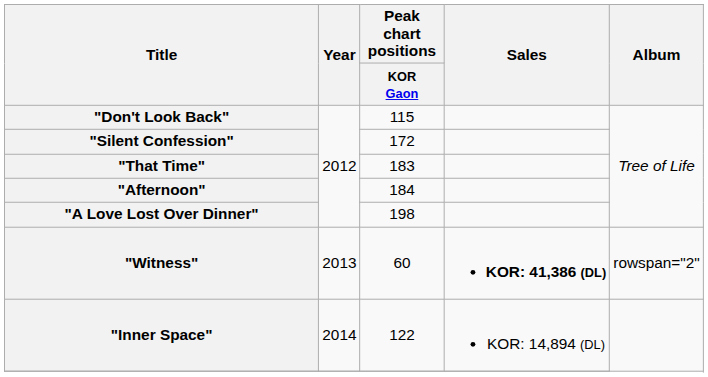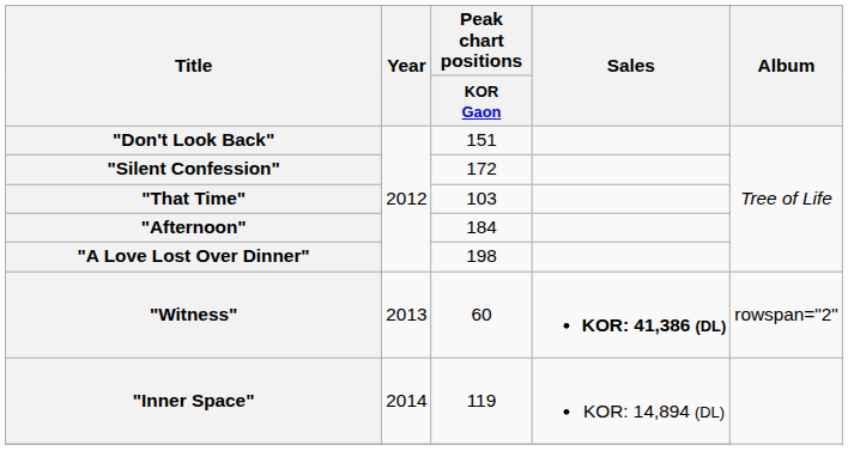 <table class="wikitable plainrowheaders" style="text-align:center;">
 <tr>
 <th scope="col" rowspan="2 "style="width:20em;">Title</th>
 <th scope="col" rowspan="2">Year</th>
 <th colspan="1" scope="col" style="width:5em;">Peak chart positions</th>
 <th scope="col" rowspan="2">Sales</th>
 <th scope="col" rowspan="2">Album</th>
 </tr>
 <tr>
 <th><small>KOR<br><a href='#'>Gaon</a><br></small></th>
 </tr>
 <tr>
 <th scope="row">"Don't Look Back"</th>
 <td rowspan="5">2012</td>
-<td>115</td>
+<td>151</td>
 <td></td>
 <td rowspan="5"><em>Tree of Life</em></td>
 </tr>
 <tr>
 <th scope="row">"Silent Confession"</th>
 <td>172</td>
 <td></td>
 </tr>
 <tr>
 <th scope="row">"That Time"</th>
-<td>183</td>
+<td>103</td>
 <td></td>
 </tr>
 <tr>
 <th scope="row">"Afternoon"</th>
 <td>184</td>
 <td></td>
 </tr>
 <tr>
 <th scope="row">"A Love Lost Over Dinner"</th>
 <td>198</td>
 <td></td>
 </tr>
 <tr>
 <th scope="row">"Witness"</th>
 <td>2013</td>
 <td>60</td>
 <td><strong><br><ul><li>KOR: 41,386 <small>(DL)</small></li></ul></strong></td>
 <td>rowspan="2" </td>
 </tr>
 <tr>
 <th scope="row">"Inner Space"</th>
 <td>2014</td>
-<td>122</td>
+<td>119</td>
 <td><br><ul><li>KOR: 14,894 <small>(DL)</small></li></ul></td>
 </tr>
 <tr>
 </tr>
 </table>
